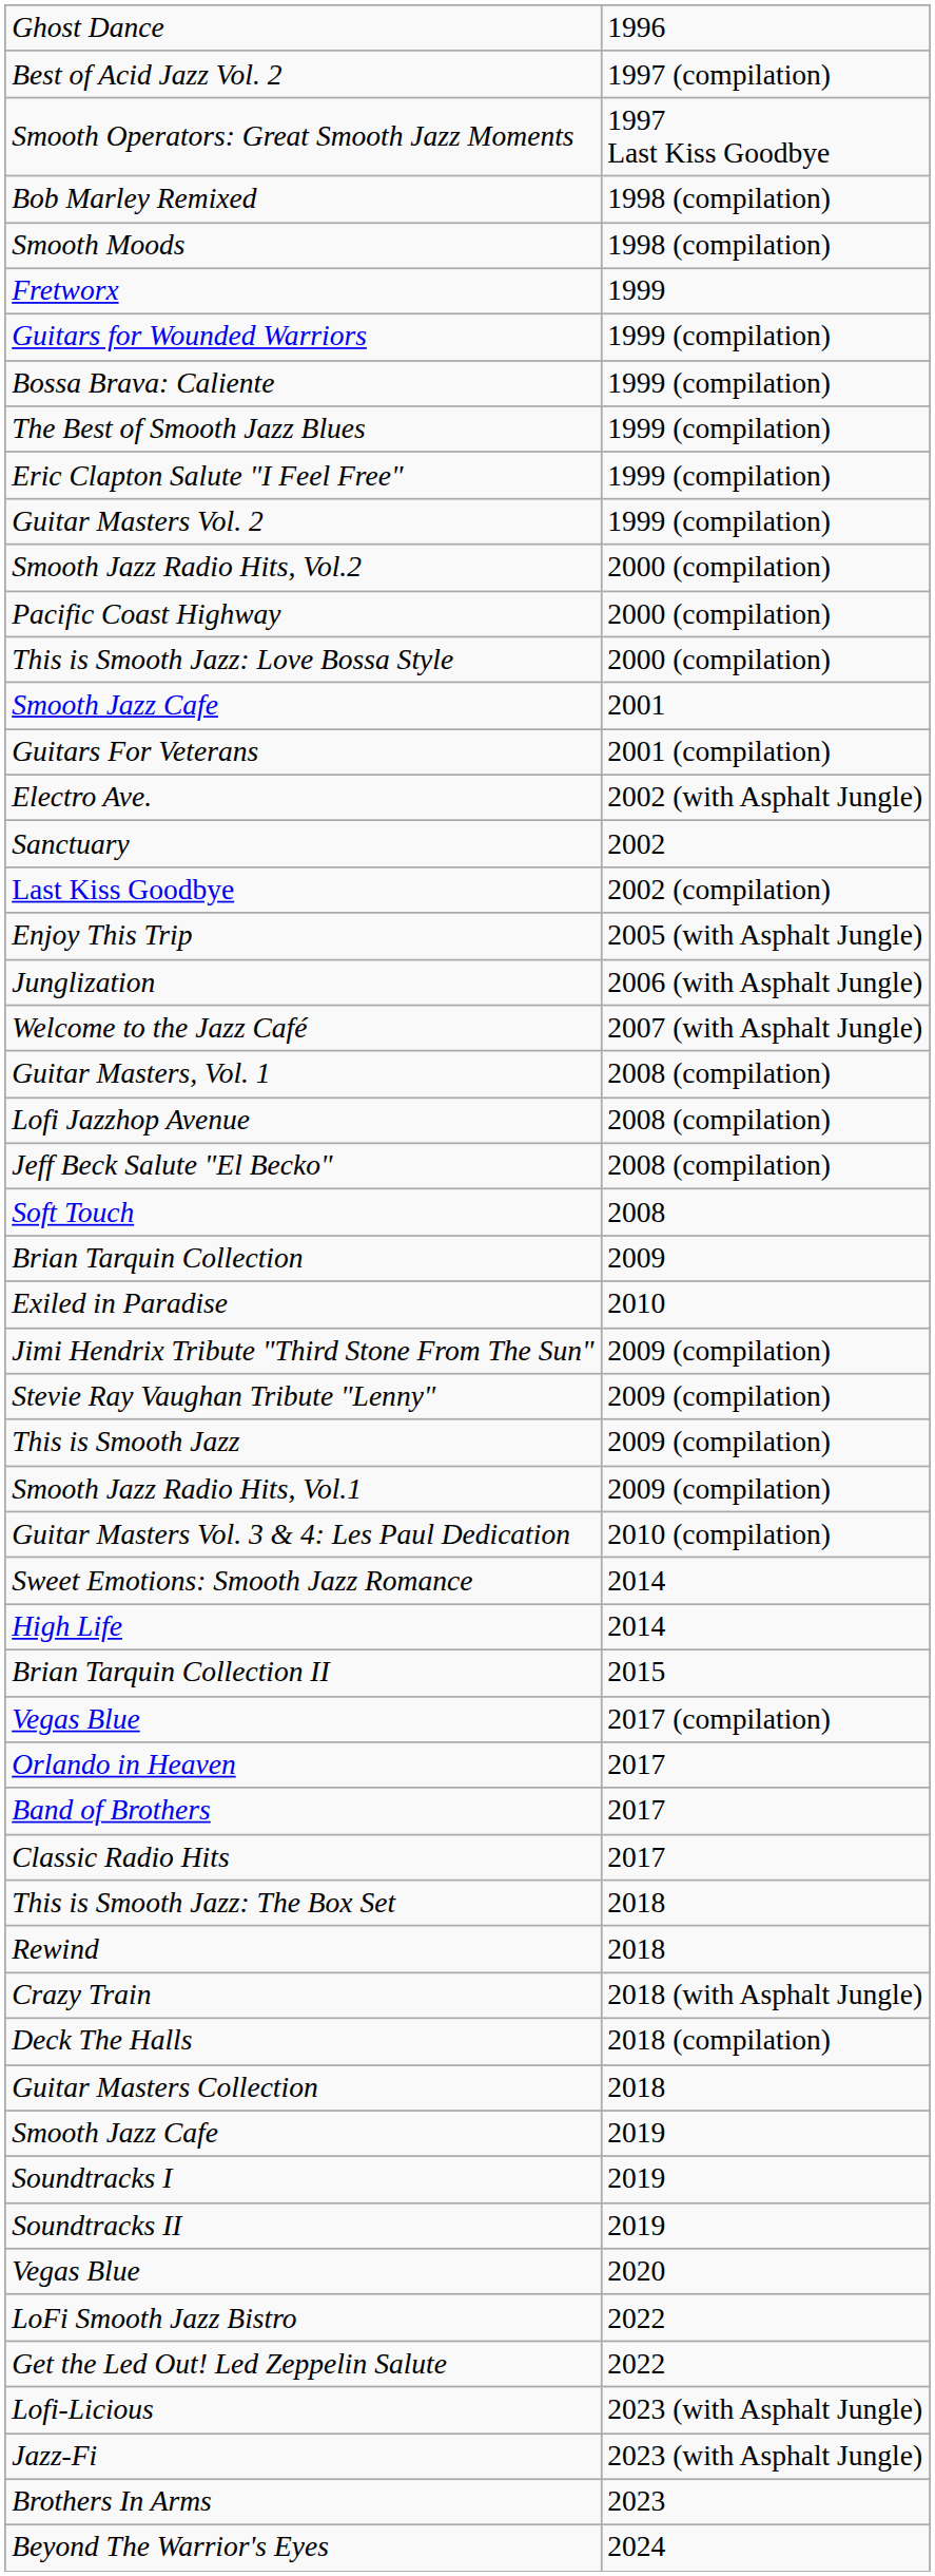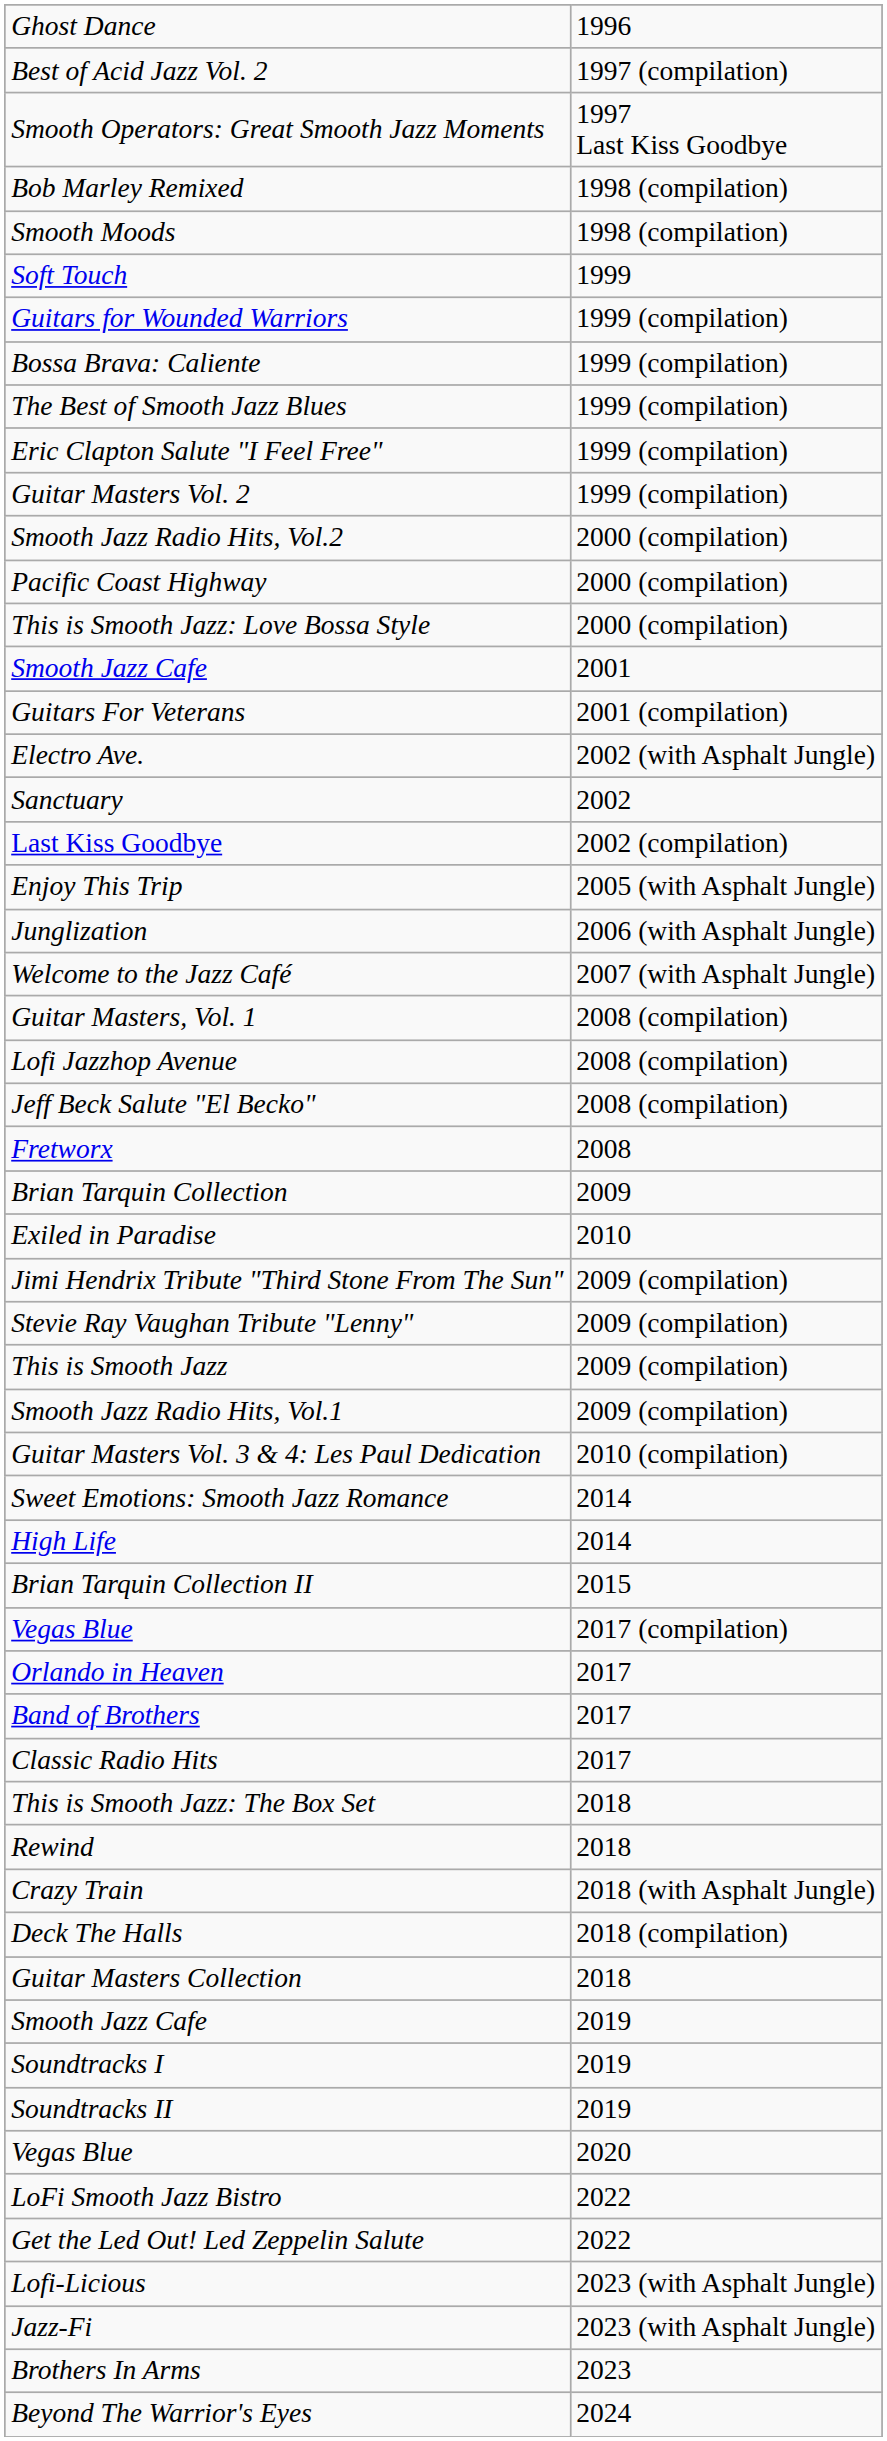 <table class="wikitable">
 <tr>
 <td><em>Ghost Dance</em></td>
 <td>1996</td>
 </tr>
 <tr>
 <td><em>Best of Acid Jazz Vol. 2</em></td>
 <td>1997 (compilation)</td>
 </tr>
 <tr>
 <td><em>Smooth Operators: Great Smooth Jazz Moments</em></td>
 <td>1997<br>Last Kiss Goodbye</td>
 </tr>
 <tr>
 <td><em>Bob Marley Remixed</em></td>
 <td>1998 (compilation)</td>
 </tr>
 <tr>
 <td><em>Smooth Moods</em></td>
 <td>1998 (compilation)</td>
 </tr>
 <tr>
-<td><em><a href='#'>Fretworx</a></em></td>
+<td><em><a href='#'>Soft Touch</a></em></td>
 <td>1999</td>
 </tr>
 <tr>
 <td><em><a href='#'>Guitars for Wounded Warriors</a></em></td>
 <td>1999 (compilation)</td>
 </tr>
 <tr>
 <td><em>Bossa Brava: Caliente</em></td>
 <td>1999 (compilation)</td>
 </tr>
 <tr>
 <td><em>The Best of Smooth Jazz Blues</em></td>
 <td>1999 (compilation)</td>
 </tr>
 <tr>
 <td><em>Eric Clapton Salute "I Feel Free"</em></td>
 <td>1999 (compilation)</td>
 </tr>
 <tr>
 <td><em>Guitar Masters Vol. 2</em></td>
 <td>1999 (compilation)</td>
 </tr>
 <tr>
 <td><em>Smooth Jazz Radio Hits, Vol.2</em></td>
 <td>2000 (compilation)</td>
 </tr>
 <tr>
 <td><em>Pacific Coast Highway</em></td>
 <td>2000 (compilation)</td>
 </tr>
 <tr>
 <td><em>This is Smooth Jazz: Love Bossa Style</em></td>
 <td>2000 (compilation)</td>
 </tr>
 <tr>
 <td><em><a href='#'>Smooth Jazz Cafe</a></em> </td>
 <td>2001</td>
 </tr>
 <tr>
 <td><em>Guitars For Veterans</em></td>
 <td>2001 (compilation)</td>
 </tr>
 <tr>
 <td><em>Electro Ave.</em></td>
 <td>2002 (with Asphalt Jungle)</td>
 </tr>
 <tr>
 <td><em>Sanctuary</em></td>
 <td>2002</td>
 </tr>
 <tr>
 <td><a href='#'>Last Kiss Goodbye</a></td>
 <td>2002 (compilation)</td>
 </tr>
 <tr>
 <td><em>Enjoy This Trip</em></td>
 <td>2005 (with Asphalt Jungle)</td>
 </tr>
 <tr>
 <td><em>Junglization</em></td>
 <td>2006 (with Asphalt Jungle)</td>
 </tr>
 <tr>
 <td><em>Welcome to the Jazz Café</em></td>
 <td>2007 (with Asphalt Jungle)</td>
 </tr>
 <tr>
 <td><em>Guitar Masters, Vol. 1</em></td>
 <td>2008 (compilation)</td>
 </tr>
 <tr>
 <td><em>Lofi Jazzhop Avenue</em></td>
 <td>2008 (compilation)</td>
 </tr>
 <tr>
 <td><em>Jeff Beck Salute "El Becko"</em></td>
 <td>2008 (compilation)</td>
 </tr>
 <tr>
-<td><em><a href='#'>Soft Touch</a></em></td>
+<td><em><a href='#'>Fretworx</a></em></td>
 <td>2008</td>
 </tr>
 <tr>
 <td><em>Brian Tarquin Collection</em></td>
 <td>2009</td>
 </tr>
 <tr>
 <td><em>Exiled in Paradise</em></td>
 <td>2010</td>
 </tr>
 <tr>
 <td><em>Jimi Hendrix Tribute "Third Stone From The Sun"</em></td>
 <td>2009 (compilation)</td>
 </tr>
 <tr>
 <td><em>Stevie Ray Vaughan Tribute "Lenny"</em></td>
 <td>2009 (compilation)</td>
 </tr>
 <tr>
 <td><em>This is Smooth Jazz</em></td>
 <td>2009 (compilation)</td>
 </tr>
 <tr>
 <td><em>Smooth Jazz Radio Hits, Vol.1</em></td>
 <td>2009 (compilation)</td>
 </tr>
 <tr>
 <td><em>Guitar Masters Vol. 3 & 4: Les Paul Dedication</em></td>
 <td>2010 (compilation)</td>
 </tr>
 <tr>
 <td><em>Sweet Emotions: Smooth Jazz Romance</em></td>
 <td>2014</td>
 </tr>
 <tr>
 <td><em><a href='#'>High Life</a></em></td>
 <td>2014</td>
 </tr>
 <tr>
 <td><em>Brian Tarquin Collection II</em></td>
 <td>2015</td>
 </tr>
 <tr>
 <td><em><a href='#'>Vegas Blue</a></em></td>
 <td>2017 (compilation)</td>
 </tr>
 <tr>
 <td><em><a href='#'>Orlando in Heaven</a></em></td>
 <td>2017</td>
 </tr>
 <tr>
 <td><em><a href='#'>Band of Brothers</a></em></td>
 <td>2017</td>
 </tr>
 <tr>
 <td><em>Classic Radio Hits</em></td>
 <td>2017</td>
 </tr>
 <tr>
 <td><em>This is Smooth Jazz: The Box Set</em></td>
 <td>2018</td>
 </tr>
 <tr>
 <td><em>Rewind</em></td>
 <td>2018</td>
 </tr>
 <tr>
 <td><em>Crazy Train</em></td>
 <td>2018 (with Asphalt Jungle)</td>
 </tr>
 <tr>
 <td><em>Deck The Halls</em></td>
 <td>2018 (compilation)</td>
 </tr>
 <tr>
 <td><em>Guitar Masters Collection</em></td>
 <td>2018</td>
 </tr>
 <tr>
 <td><em>Smooth Jazz Cafe</em></td>
 <td>2019</td>
 </tr>
 <tr>
 <td><em>Soundtracks I</em></td>
 <td>2019</td>
 </tr>
 <tr>
 <td><em>Soundtracks II</em></td>
 <td>2019</td>
 </tr>
 <tr>
 <td><em>Vegas Blue</em></td>
 <td>2020</td>
 </tr>
 <tr>
 <td><em>LoFi Smooth Jazz Bistro</em></td>
 <td>2022</td>
 </tr>
 <tr>
 <td><em>Get the Led Out! Led Zeppelin Salute</em></td>
 <td>2022</td>
 </tr>
 <tr>
 <td><em>Lofi-Licious</em></td>
 <td>2023  (with Asphalt Jungle)</td>
 </tr>
 <tr>
 <td><em>Jazz-Fi</em></td>
 <td>2023  (with Asphalt Jungle)</td>
 </tr>
 <tr>
 <td><em>Brothers In Arms</em> </td>
 <td>2023</td>
 </tr>
 <tr>
 <td><em>Beyond The Warrior's Eyes</em> </td>
 <td>2024</td>
 </tr>
 </table>
